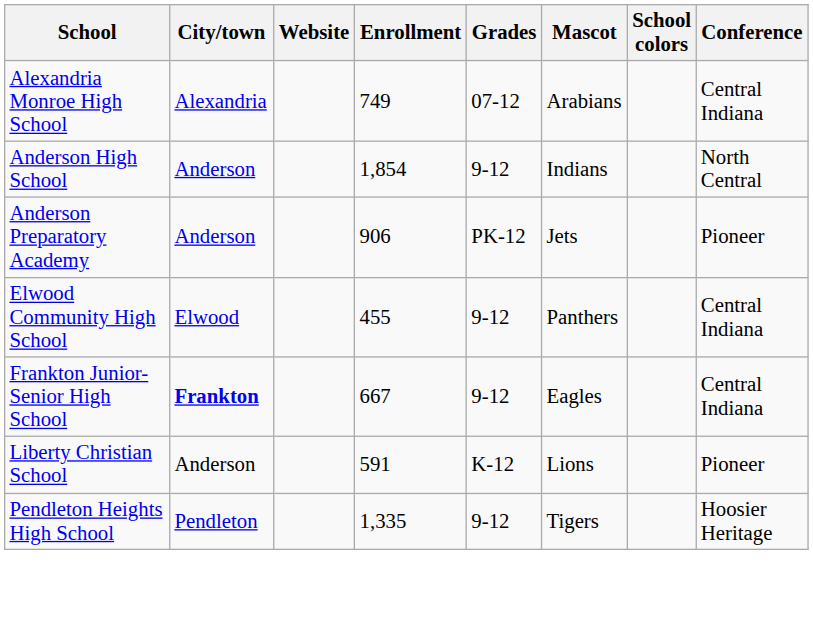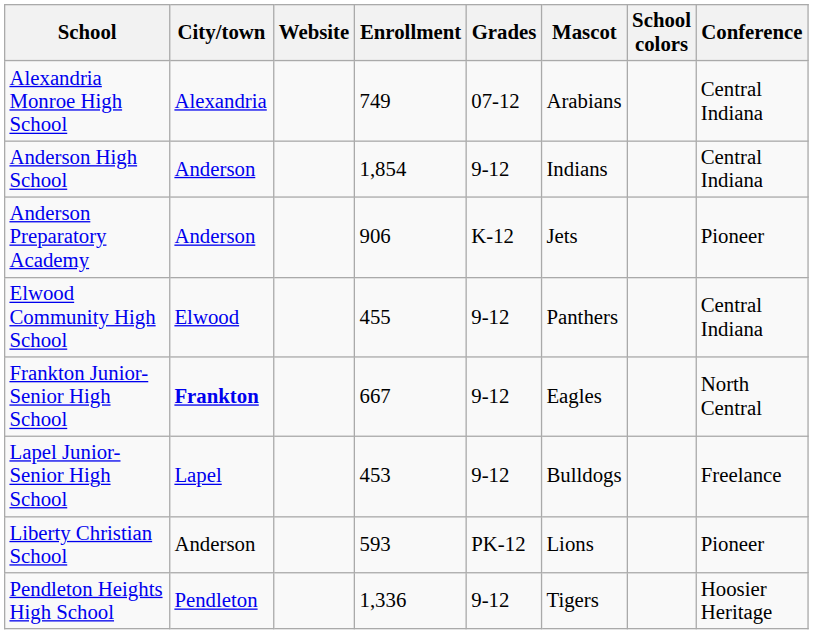 <table class="wikitable sortable" width="70%">
 <tr>
 <th width="20%">School</th>
 <th width="08%">City/town</th>
 <th width="06%">Website</th>
 <th width="04%">Enrollment</th>
 <th width="04%">Grades</th>
 <th width="04%">Mascot</th>
 <th width=01%>School colors</th>
 <th width="04%">Conference</th>
 </tr>
 <tr>
 <td><a href='#'>Alexandria Monroe High School</a></td>
 <td><a href='#'>Alexandria</a></td>
 <td></td>
 <td>749</td>
 <td>07-12</td>
 <td>Arabians</td>
 <td> </td>
 <td>Central Indiana</td>
 </tr>
 <tr>
 <td><a href='#'>Anderson High School</a></td>
 <td><a href='#'>Anderson</a></td>
 <td></td>
 <td>1,854</td>
 <td>9-12</td>
 <td>Indians</td>
 <td> </td>
-<td>North Central</td>
+<td>Central Indiana</td>
 </tr>
 <tr>
 <td><a href='#'>Anderson Preparatory Academy</a></td>
 <td><a href='#'>Anderson</a></td>
 <td></td>
 <td>906</td>
-<td>PK-12</td>
+<td>K-12</td>
 <td>Jets</td>
 <td> </td>
 <td>Pioneer</td>
 </tr>
 <tr>
 <td><a href='#'>Elwood Community High School</a></td>
 <td><a href='#'>Elwood</a></td>
 <td></td>
 <td>455</td>
 <td>9-12</td>
 <td>Panthers</td>
 <td>  </td>
 <td>Central Indiana</td>
 </tr>
 <tr>
 <td><a href='#'>Frankton Junior-Senior High School</a></td>
 <td><strong><a href='#'>Frankton</a></strong></td>
 <td></td>
 <td>667</td>
 <td>9-12</td>
 <td>Eagles</td>
 <td> </td>
-<td>Central Indiana</td>
+<td>North Central</td>
+</tr>
+<tr>
+<td><a href='#'>Lapel Junior-Senior High School</a></td>
+<td><a href='#'>Lapel</a></td>
+<td></td>
+<td>453</td>
+<td>9-12</td>
+<td>Bulldogs</td>
+<td>  </td>
+<td>Freelance</td>
 </tr>
 <tr>
 <td><a href='#'>Liberty Christian School</a></td>
 <td>Anderson</td>
 <td></td>
-<td>591</td>
-<td>K-12</td>
+<td>593</td>
+<td>PK-12</td>
 <td>Lions</td>
 <td> </td>
 <td>Pioneer</td>
 </tr>
 <tr>
 <td><a href='#'>Pendleton Heights High School</a></td>
 <td><a href='#'>Pendleton</a></td>
 <td></td>
-<td>1,335</td>
+<td>1,336</td>
 <td>9-12</td>
 <td>Tigers</td>
 <td> </td>
 <td>Hoosier Heritage</td>
 </tr>
 </table>
